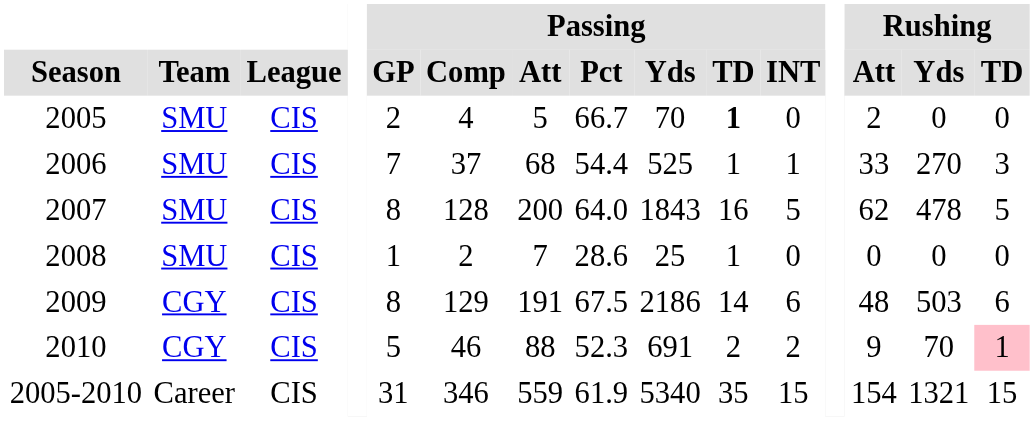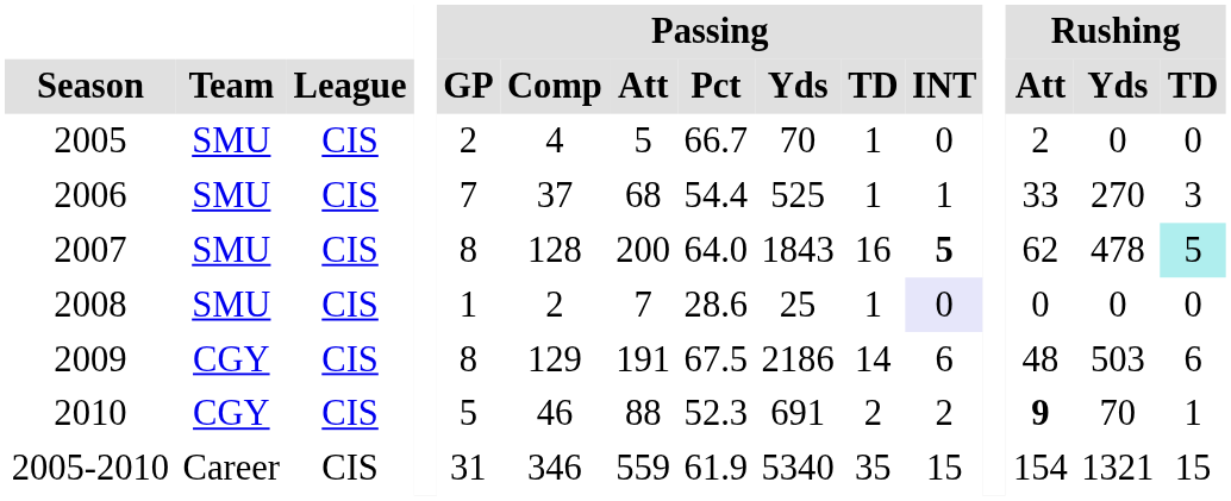 <table BORDER="0" CELLPADDING="3" CELLSPACING="0" ID="Table3">
 <tr ALIGN="center" bgcolor="#e0e0e0">
 <th ALIGN="center" colspan="3" bgcolor="#ffffff"> </th>
 <th ALIGN="center" rowspan="99" bgcolor="#ffffff"> </th>
 <th ALIGN="center" colspan="7">Passing</th>
 <th ALIGN="center" rowspan="99" bgcolor="#ffffff"> </th>
 <th ALIGN="center" colspan="3">Rushing</th>
 </tr>
 <tr ALIGN="center" bgcolor="#e0e0e0">
 <th ALIGN="center">Season</th>
 <th ALIGN="center">Team</th>
 <th ALIGN="center">League</th>
 <th ALIGN="center">GP</th>
 <th ALIGN="center">Comp</th>
 <th ALIGN="center">Att</th>
 <th ALIGN="center">Pct</th>
 <th ALIGN="center">Yds</th>
 <th ALIGN="center">TD</th>
 <th ALIGN="center">INT</th>
 <th ALIGN="center">Att</th>
 <th ALIGN="center">Yds</th>
 <th ALIGN="center">TD</th>
 </tr>
 <tr ALIGN="center">
 <td ALIGN="center">2005</td>
 <td ALIGN="center"><a href='#'>SMU</a></td>
 <td ALIGN="center"><a href='#'>CIS</a></td>
 <td ALIGN="center">2</td>
 <td ALIGN="center">4</td>
 <td ALIGN="center">5</td>
 <td ALIGN="center">66.7</td>
 <td ALIGN="center">70</td>
-<td ALIGN="center"><strong>1</strong></td>
+<td ALIGN="center">1</td>
 <td ALIGN="center">0</td>
 <td ALIGN="center">2</td>
 <td ALIGN="center">0</td>
 <td ALIGN="center">0</td>
 </tr>
 <tr ALIGN="center">
 <td ALIGN="center">2006</td>
 <td ALIGN="center"><a href='#'>SMU</a></td>
 <td ALIGN="center"><a href='#'>CIS</a></td>
 <td ALIGN="center">7</td>
 <td ALIGN="center">37</td>
 <td ALIGN="center">68</td>
 <td ALIGN="center">54.4</td>
 <td ALIGN="center">525</td>
 <td ALIGN="center">1</td>
 <td ALIGN="center">1</td>
 <td ALIGN="center">33</td>
 <td ALIGN="center">270</td>
 <td ALIGN="center">3</td>
 </tr>
 <tr ALIGN="center">
 <td ALIGN="center">2007</td>
 <td ALIGN="center"><a href='#'>SMU</a></td>
 <td ALIGN="center"><a href='#'>CIS</a></td>
 <td ALIGN="center">8</td>
 <td ALIGN="center">128</td>
 <td ALIGN="center">200</td>
 <td ALIGN="center">64.0</td>
 <td ALIGN="center">1843</td>
 <td ALIGN="center">16</td>
-<td ALIGN="center">5</td>
+<td ALIGN="center"><strong>5</strong></td>
 <td ALIGN="center">62</td>
 <td ALIGN="center">478</td>
-<td ALIGN="center">5</td>
+<td ALIGN="center" style="background: paleturquoise;">5</td>
 </tr>
 <tr ALIGN="center">
 <td ALIGN="center">2008</td>
 <td ALIGN="center"><a href='#'>SMU</a></td>
 <td ALIGN="center"><a href='#'>CIS</a></td>
 <td ALIGN="center">1</td>
 <td ALIGN="center">2</td>
 <td ALIGN="center">7</td>
 <td ALIGN="center">28.6</td>
 <td ALIGN="center">25</td>
 <td ALIGN="center">1</td>
-<td ALIGN="center">0</td>
+<td ALIGN="center" style="background: lavender;">0</td>
 <td ALIGN="center">0</td>
 <td ALIGN="center">0</td>
 <td ALIGN="center">0</td>
 </tr>
 <tr ALIGN="center">
 <td ALIGN="center">2009</td>
 <td ALIGN="center"><a href='#'>CGY</a></td>
 <td ALIGN="center"><a href='#'>CIS</a></td>
 <td ALIGN="center">8</td>
 <td ALIGN="center">129</td>
 <td ALIGN="center">191</td>
 <td ALIGN="center">67.5</td>
 <td ALIGN="center">2186</td>
 <td ALIGN="center">14</td>
 <td ALIGN="center">6</td>
 <td ALIGN="center">48</td>
 <td ALIGN="center">503</td>
 <td ALIGN="center">6</td>
 </tr>
 <tr ALIGN="center">
 <td ALIGN="center">2010</td>
 <td ALIGN="center"><a href='#'>CGY</a></td>
 <td ALIGN="center"><a href='#'>CIS</a></td>
 <td ALIGN="center">5</td>
 <td ALIGN="center">46</td>
 <td ALIGN="center">88</td>
 <td ALIGN="center">52.3</td>
 <td ALIGN="center">691</td>
 <td ALIGN="center">2</td>
 <td ALIGN="center">2</td>
-<td ALIGN="center">9</td>
+<td ALIGN="center"><strong>9</strong></td>
 <td ALIGN="center">70</td>
-<td ALIGN="center" style="background: pink;">1</td>
+<td ALIGN="center">1</td>
 </tr>
 <tr ALIGN="center">
 <td ALIGN="center">2005-2010</td>
 <td ALIGN="center">Career</td>
 <td ALIGN="center">CIS</td>
 <td ALIGN="center">31</td>
 <td ALIGN="center">346</td>
 <td ALIGN="center">559</td>
 <td ALIGN="center">61.9</td>
 <td ALIGN="center">5340</td>
 <td ALIGN="center">35</td>
 <td ALIGN="center">15</td>
 <td ALIGN="center">154</td>
 <td ALIGN="center">1321</td>
 <td ALIGN="center">15</td>
 </tr>
 </table>
